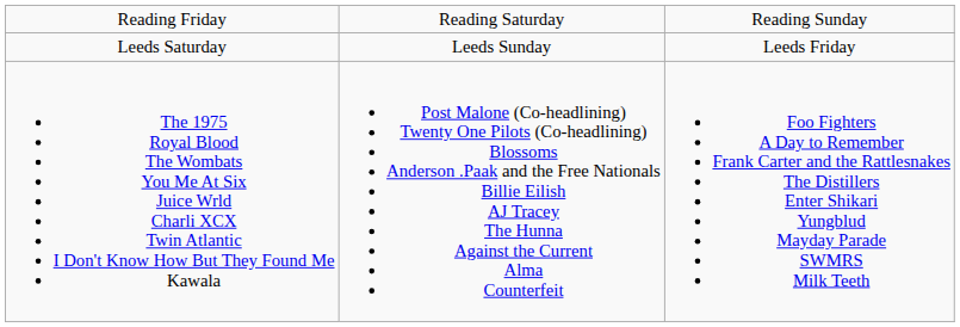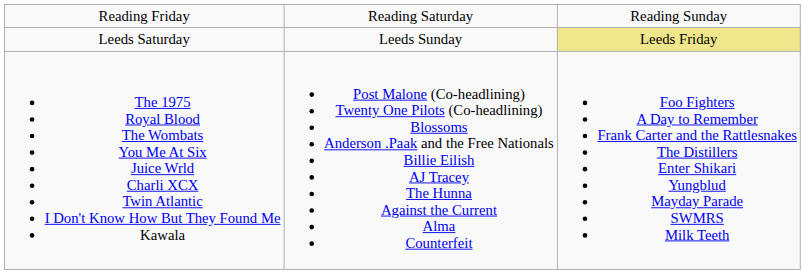 <table class="wikitable" style="text-align:center;">
 <tr>
 <td>Reading Friday</td>
 <td>Reading Saturday</td>
 <td>Reading Sunday</td>
 </tr>
 <tr>
 <td>Leeds Saturday</td>
 <td>Leeds Sunday</td>
-<td>Leeds Friday</td>
+<td style="background: khaki;">Leeds Friday</td>
 </tr>
 <tr>
 <td><br><ul><li><a href='#'>The 1975</a></li><li><a href='#'>Royal Blood</a></li><li><a href='#'>The Wombats</a></li><li><a href='#'>You Me At Six</a></li><li><a href='#'>Juice Wrld</a></li><li><a href='#'>Charli XCX</a></li><li><a href='#'>Twin Atlantic</a></li><li><a href='#'>I Don't Know How But They Found Me</a></li><li>Kawala</li></ul></td>
 <td><br><ul><li><a href='#'>Post Malone</a> (Co-headlining)</li><li><a href='#'>Twenty One Pilots</a> (Co-headlining)</li><li><a href='#'>Blossoms</a></li><li><a href='#'>Anderson .Paak</a> and the Free Nationals</li><li><a href='#'>Billie Eilish</a></li><li><a href='#'>AJ Tracey</a></li><li><a href='#'>The Hunna</a></li><li><a href='#'>Against the Current</a></li><li><a href='#'>Alma</a></li><li><a href='#'>Counterfeit</a></li></ul></td>
 <td><br><ul><li><a href='#'>Foo Fighters</a></li><li><a href='#'>A Day to Remember</a></li><li><a href='#'>Frank Carter and the Rattlesnakes</a></li><li><a href='#'>The Distillers</a></li><li><a href='#'>Enter Shikari</a></li><li><a href='#'>Yungblud</a></li><li><a href='#'>Mayday Parade</a></li><li><a href='#'>SWMRS</a></li><li><a href='#'>Milk Teeth</a></li></ul></td>
 </tr>
 </table>
